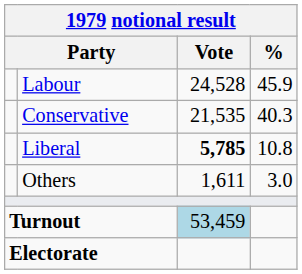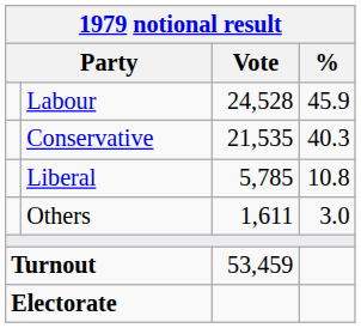 <table class="wikitable">
 <tr>
 <th colspan="4"><a href='#'>1979</a> <a href='#'>notional result</a></th>
 </tr>
 <tr>
 <th bgcolor="#DDDDFF" width="130px" colspan="2">Party</th>
 <th bgcolor="#DDDDFF" width="50px">Vote</th>
 <th bgcolor="#DDDDFF" width="30px">%</th>
 </tr>
 <tr>
 <td></td>
 <td><a href='#'>Labour</a></td>
 <td align=right>24,528</td>
 <td align=right>45.9</td>
 </tr>
 <tr>
 <td></td>
 <td><a href='#'>Conservative</a></td>
 <td align=right>21,535</td>
 <td align=right>40.3</td>
 </tr>
 <tr>
 <td></td>
 <td><a href='#'>Liberal</a></td>
-<td align=right><strong>5,785</strong></td>
+<td align=right>5,785</td>
 <td align=right>10.8</td>
 </tr>
 <tr>
 <td></td>
 <td>Others</td>
 <td align=right>1,611</td>
 <td align=right>3.0</td>
 </tr>
 <tr>
 <td colspan="4" bgcolor="#EAECF0"></td>
 </tr>
 <tr>
 <td colspan="2"><strong>Turnout</strong></td>
-<td align=right style="background: lightblue;">53,459</td>
+<td align=right>53,459</td>
 <td align=right></td>
 </tr>
 <tr>
 <td colspan="2"><strong>Electorate</strong></td>
 <td align=right></td>
 </tr>
 </table>
